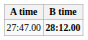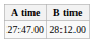 <table class="wikitable" border="1" align="upright">
 <tr>
 <th>A time</th>
 <th>B time</th>
 </tr>
 <tr>
 <td>27:47.00</td>
-<td><strong>28:12.00</strong></td>
+<td>28:12.00</td>
 </tr>
 </table>
